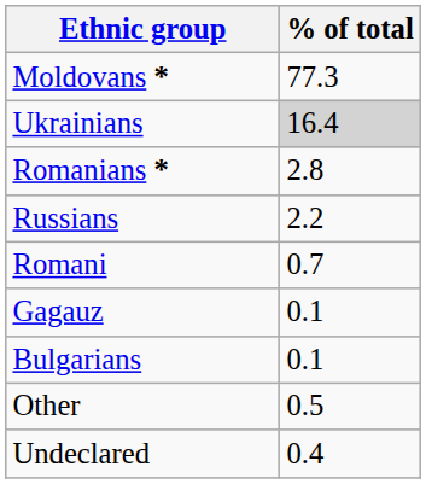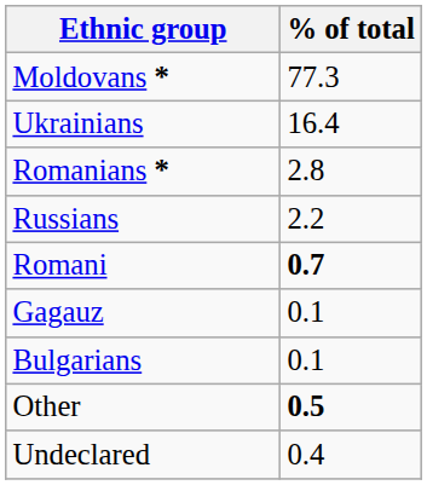 <table class="wikitable sortable">
 <tr>
 <th style="width:140px;"><a href='#'>Ethnic group</a></th>
 <th>% of total</th>
 </tr>
 <tr>
 <td><a href='#'>Moldovans</a> <strong>*</strong></td>
 <td>77.3</td>
 </tr>
 <tr>
 <td><a href='#'>Ukrainians</a></td>
-<td style="background: lightgrey;">16.4</td>
+<td>16.4</td>
 </tr>
 <tr>
 <td><a href='#'>Romanians</a> <strong>*</strong></td>
 <td>2.8</td>
 </tr>
 <tr>
 <td><a href='#'>Russians</a></td>
 <td>2.2</td>
 </tr>
 <tr>
 <td><a href='#'>Romani</a></td>
-<td>0.7</td>
+<td><strong>0.7</strong></td>
 </tr>
 <tr>
 <td><a href='#'>Gagauz</a></td>
 <td>0.1</td>
 </tr>
 <tr>
 <td><a href='#'>Bulgarians</a></td>
 <td>0.1</td>
 </tr>
 <tr>
 <td>Other</td>
-<td>0.5</td>
+<td><strong>0.5</strong></td>
 </tr>
 <tr>
 <td>Undeclared</td>
 <td>0.4</td>
 </tr>
 </table>
